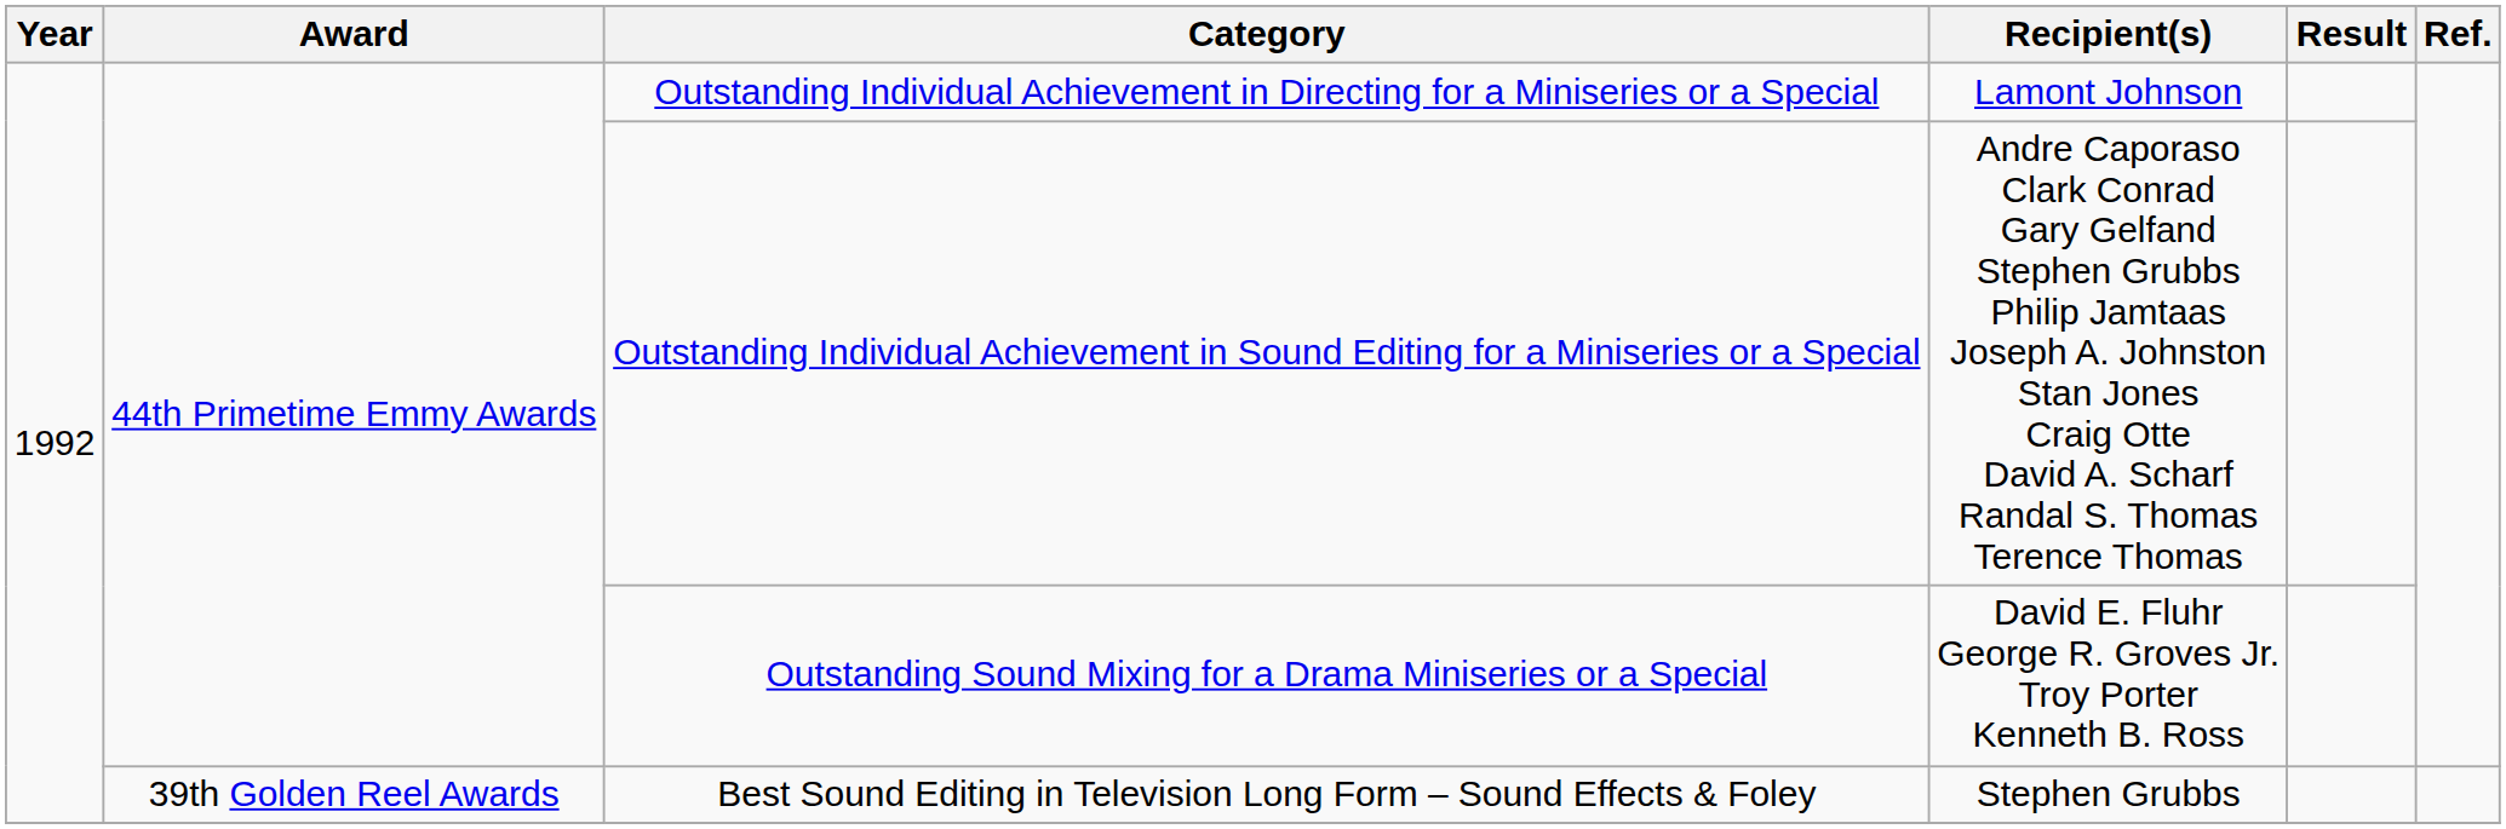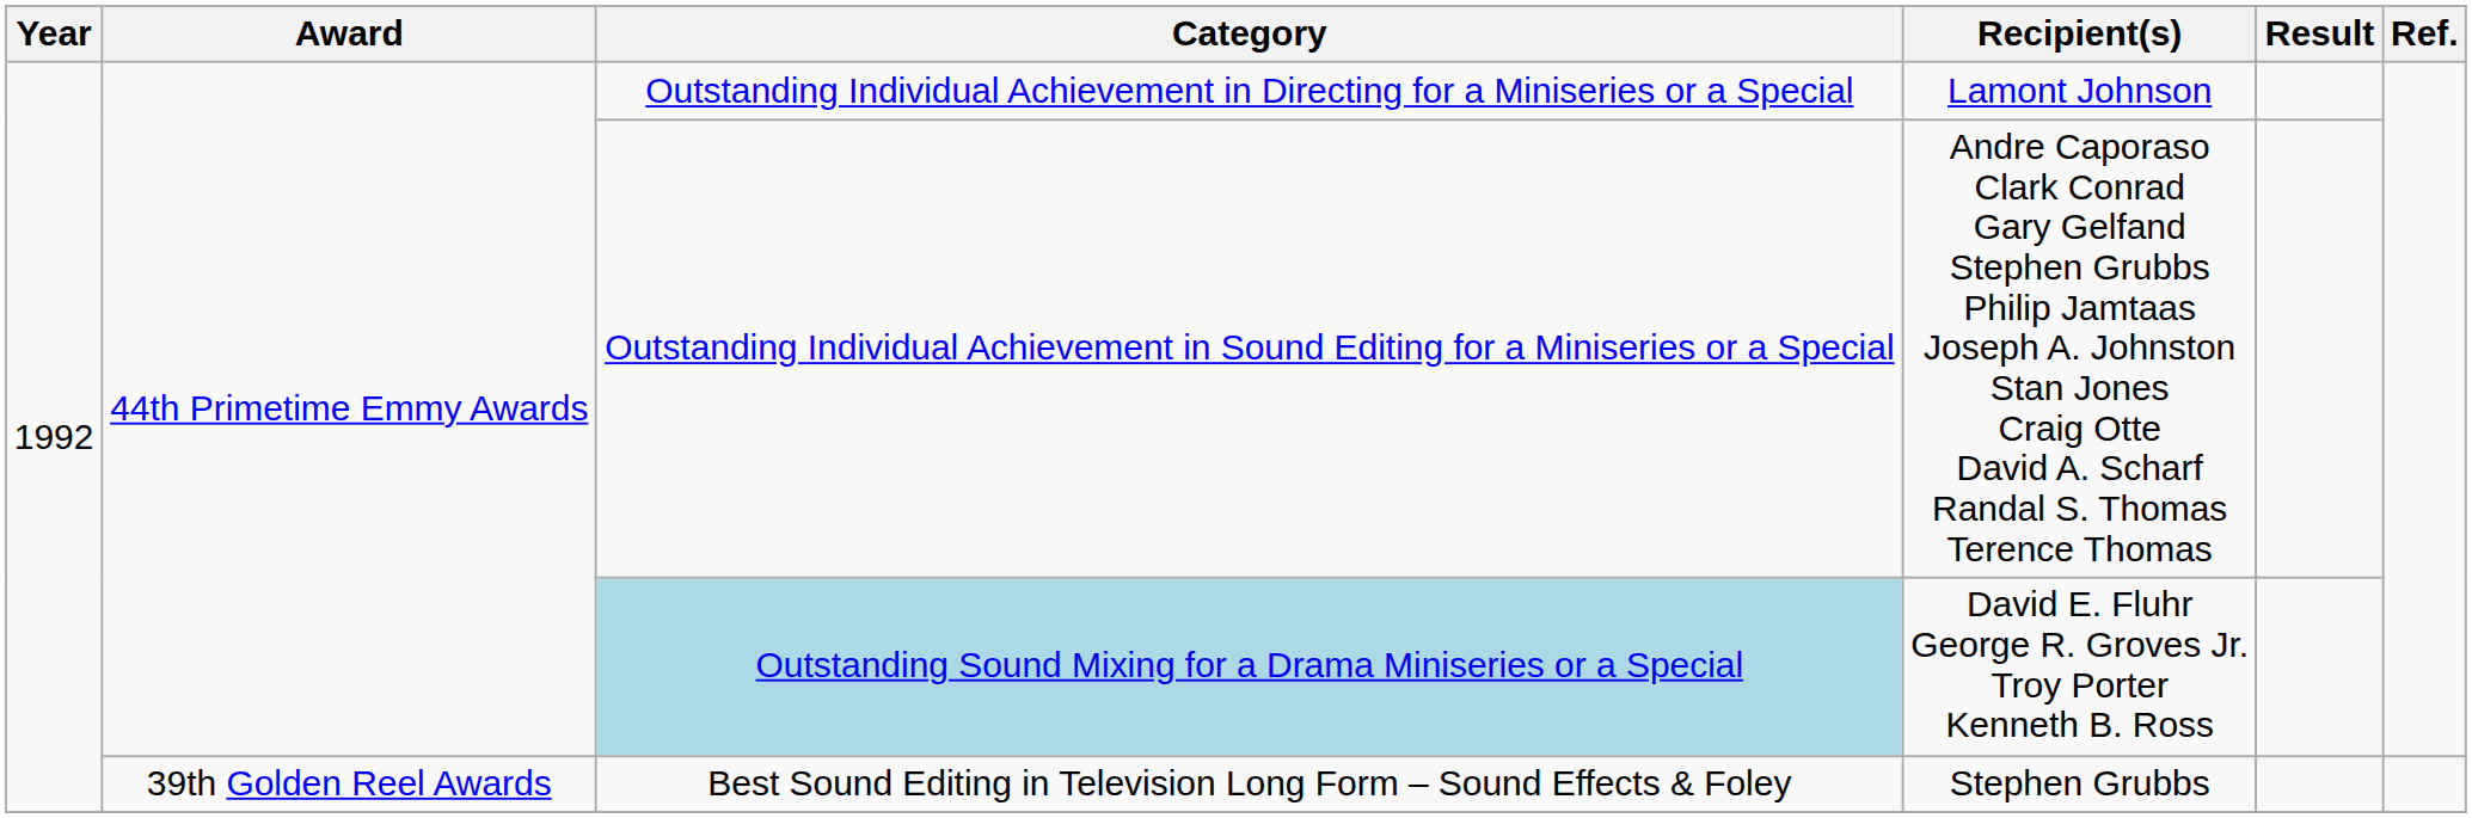 <table class="wikitable sortable plainrowheaders" style="text-align:center;">
 <tr>
 <th>Year</th>
 <th>Award</th>
 <th>Category</th>
 <th>Recipient(s)</th>
 <th>Result</th>
 <th>Ref.</th>
 </tr>
 <tr>
 <td rowspan="4">1992</td>
 <td rowspan="3"><a href='#'>44th Primetime Emmy Awards</a></td>
 <td><a href='#'>Outstanding Individual Achievement in Directing for a Miniseries or a Special</a></td>
 <td><a href='#'>Lamont Johnson</a></td>
 <td></td>
 <td rowspan="3"></td>
 </tr>
 <tr>
 <td><a href='#'>Outstanding Individual Achievement in Sound Editing for a Miniseries or a Special</a></td>
 <td>Andre Caporaso <br> Clark Conrad <br> Gary Gelfand <br> Stephen Grubbs <br> Philip Jamtaas <br> Joseph A. Johnston <br> Stan Jones <br> Craig Otte <br> David A. Scharf <br> Randal S. Thomas <br> Terence Thomas</td>
 <td></td>
 </tr>
 <tr>
-<td><a href='#'>Outstanding Sound Mixing for a Drama Miniseries or a Special</a></td>
+<td style="background: lightblue;"><a href='#'>Outstanding Sound Mixing for a Drama Miniseries or a Special</a></td>
 <td>David E. Fluhr <br> George R. Groves Jr. <br> Troy Porter <br> Kenneth B. Ross</td>
 <td></td>
 </tr>
 <tr>
 <td>39th <a href='#'>Golden Reel Awards</a></td>
 <td>Best Sound Editing in Television Long Form – Sound Effects & Foley</td>
 <td>Stephen Grubbs</td>
 <td></td>
 <td></td>
 </tr>
 <tr>
 </tr>
 </table>
